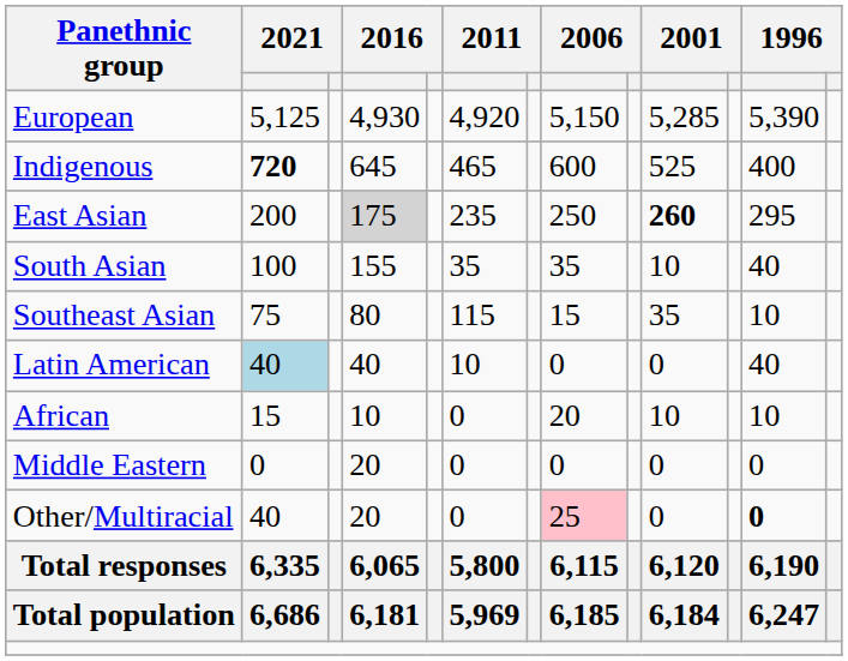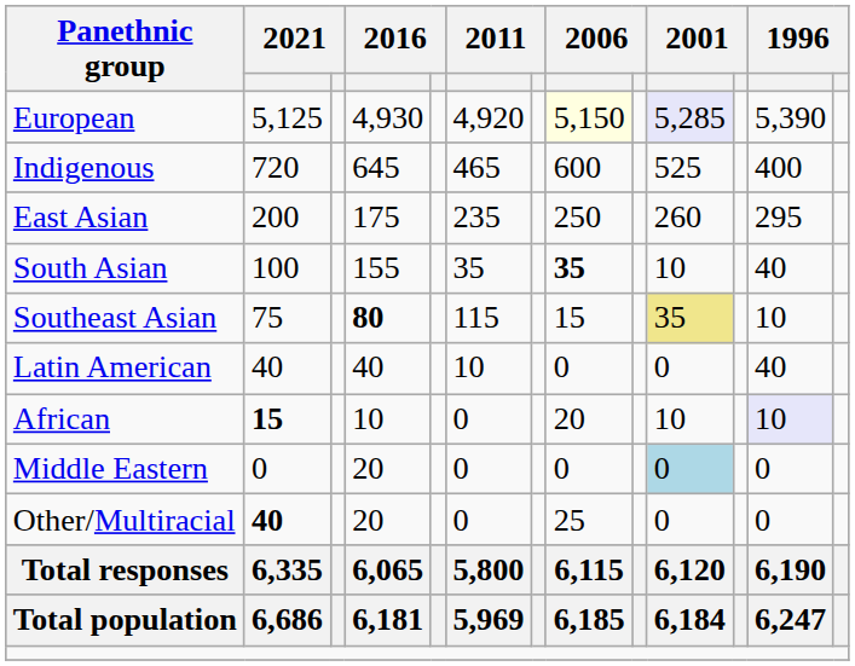 <table class="wikitable collapsible sortable">
 <tr>
 <th rowspan="2"><a href='#'>Panethnic</a><br>group</th>
 <th colspan="2">2021</th>
 <th colspan="2">2016</th>
 <th colspan="2">2011</th>
 <th colspan="2">2006</th>
 <th colspan="2">2001</th>
 <th colspan="2">1996</th>
 </tr>
 <tr>
 <th><a href='#'></a></th>
 <th></th>
 <th></th>
 <th></th>
 <th></th>
 <th></th>
 <th></th>
 <th></th>
 <th></th>
 <th></th>
 <th></th>
 <th></th>
 </tr>
 <tr>
 <td><a href='#'>European</a></td>
 <td>5,125</td>
 <td></td>
 <td>4,930</td>
 <td></td>
 <td>4,920</td>
 <td></td>
-<td>5,150</td>
+<td style="background: lightyellow;">5,150</td>
 <td></td>
-<td>5,285</td>
+<td style="background: lavender;">5,285</td>
 <td></td>
 <td>5,390</td>
 <td></td>
 </tr>
 <tr>
 <td><a href='#'>Indigenous</a></td>
-<td><strong>720</strong></td>
+<td>720</td>
 <td></td>
 <td>645</td>
 <td></td>
 <td>465</td>
 <td></td>
 <td>600</td>
 <td></td>
 <td>525</td>
 <td></td>
 <td>400</td>
 <td></td>
 </tr>
 <tr>
 <td><a href='#'>East Asian</a></td>
 <td>200</td>
 <td></td>
-<td style="background: lightgrey;">175</td>
+<td>175</td>
 <td></td>
 <td>235</td>
 <td></td>
 <td>250</td>
 <td></td>
-<td><strong>260</strong></td>
+<td>260</td>
 <td></td>
 <td>295</td>
 <td></td>
 </tr>
 <tr>
 <td><a href='#'>South Asian</a></td>
 <td>100</td>
 <td></td>
 <td>155</td>
 <td></td>
 <td>35</td>
 <td></td>
-<td>35</td>
+<td><strong>35</strong></td>
 <td></td>
 <td>10</td>
 <td></td>
 <td>40</td>
 <td></td>
 </tr>
 <tr>
 <td><a href='#'>Southeast Asian</a></td>
 <td>75</td>
 <td></td>
-<td>80</td>
+<td><strong>80</strong></td>
 <td></td>
 <td>115</td>
 <td></td>
 <td>15</td>
 <td></td>
-<td>35</td>
+<td style="background: khaki;">35</td>
 <td></td>
 <td>10</td>
 <td></td>
 </tr>
 <tr>
 <td><a href='#'>Latin American</a></td>
-<td style="background: lightblue;">40</td>
+<td>40</td>
 <td></td>
 <td>40</td>
 <td></td>
 <td>10</td>
 <td></td>
 <td>0</td>
 <td></td>
 <td>0</td>
 <td></td>
 <td>40</td>
 <td></td>
 </tr>
 <tr>
 <td><a href='#'>African</a></td>
-<td>15</td>
+<td><strong>15</strong></td>
 <td></td>
 <td>10</td>
 <td></td>
 <td>0</td>
 <td></td>
 <td>20</td>
 <td></td>
 <td>10</td>
 <td></td>
-<td>10</td>
+<td style="background: lavender;">10</td>
 <td></td>
 </tr>
 <tr>
 <td><a href='#'>Middle Eastern</a></td>
 <td>0</td>
 <td></td>
 <td>20</td>
 <td></td>
 <td>0</td>
 <td></td>
 <td>0</td>
 <td></td>
-<td>0</td>
+<td style="background: lightblue;">0</td>
 <td></td>
 <td>0</td>
 <td></td>
 </tr>
 <tr>
 <td>Other/<a href='#'>Multiracial</a></td>
-<td>40</td>
+<td><strong>40</strong></td>
 <td></td>
 <td>20</td>
 <td></td>
 <td>0</td>
 <td></td>
-<td style="background: pink;">25</td>
+<td>25</td>
 <td></td>
 <td>0</td>
 <td></td>
-<td><strong>0</strong></td>
+<td>0</td>
 <td></td>
 </tr>
 <tr>
 <th>Total responses</th>
 <th>6,335</th>
 <th></th>
 <th>6,065</th>
 <th></th>
 <th>5,800</th>
 <th></th>
 <th>6,115</th>
 <th></th>
 <th>6,120</th>
 <th></th>
 <th>6,190</th>
 <th></th>
 </tr>
 <tr>
 <th>Total population</th>
 <th>6,686</th>
 <th></th>
 <th>6,181</th>
 <th></th>
 <th>5,969</th>
 <th></th>
 <th>6,185</th>
 <th></th>
 <th>6,184</th>
 <th></th>
 <th>6,247</th>
 <th></th>
 </tr>
 <tr class="sortbottom">
 <td colspan="15"></td>
 </tr>
 </table>
